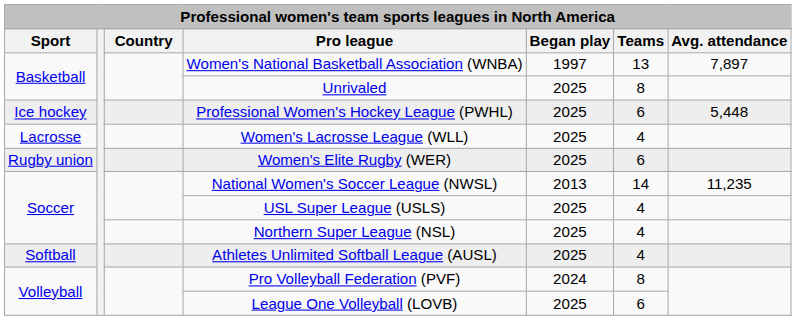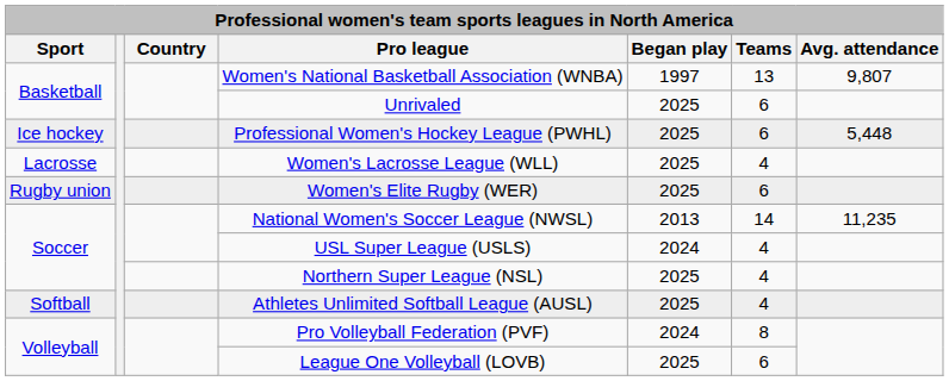 <table class="wikitable" style="text-align:left; font-size:90%;">
 <tr>
 <th colspan=8 style="background:silver;">Professional women's team sports leagues in North America</th>
 </tr>
 <tr align="center" style="font-weight:bold; background-color:#dddddd;" |>
 </tr>
 <tr align="center">
 <th>Sport</th>
 <th rowspan=12 width="1%" bgcolor="ffffff"></th>
 <th width=10%>Country</th>
 <th>Pro league</th>
 <th>Began play</th>
 <th>Teams</th>
 <th>Avg. attendance</th>
 </tr>
 <tr align=center>
 <td rowspan=2><a href='#'>Basketball</a></td>
 <td rowspan=2></td>
 <td><a href='#'>Women's National Basketball Association</a> (WNBA)</td>
 <td>1997</td>
 <td>13</td>
-<td>7,897</td>
+<td>9,807</td>
 </tr>
 <tr align=center>
 <td><a href='#'>Unrivaled</a></td>
 <td>2025</td>
-<td>8</td>
+<td>6</td>
 <td></td>
 </tr>
 <tr align="Center" bgcolor="#eeeeee">
 <td><a href='#'>Ice hockey</a><br></td>
 <td><br></td>
 <td><a href='#'>Professional Women's Hockey League</a> (PWHL)</td>
 <td>2025</td>
 <td>6</td>
 <td>5,448</td>
 </tr>
 <tr align="Center">
 <td><a href='#'>Lacrosse</a></td>
 <td></td>
 <td><a href='#'>Women's Lacrosse League</a> (WLL)</td>
 <td>2025</td>
 <td>4</td>
 <td></td>
 </tr>
 <tr align="Center" bgcolor="#eeeeee">
 <td><a href='#'>Rugby union</a></td>
 <td></td>
 <td><a href='#'>Women's Elite Rugby</a> (WER)</td>
 <td>2025</td>
 <td>6</td>
 <td></td>
 </tr>
 <tr align="Center">
 <td rowspan=3><a href='#'>Soccer</a></td>
 <td rowspan=2></td>
 <td><a href='#'>National Women's Soccer League</a> (NWSL)</td>
 <td>2013</td>
 <td>14</td>
 <td>11,235</td>
 </tr>
 <tr align=center>
 <td><a href='#'>USL Super League</a> (USLS)</td>
-<td>2025</td>
+<td>2024</td>
 <td>4</td>
 <td></td>
 </tr>
 <tr align=center>
 <td></td>
 <td><a href='#'>Northern Super League</a> (NSL)</td>
 <td>2025</td>
 <td>4</td>
 <td></td>
 </tr>
 <tr align="Center" bgcolor="#eeeeee">
 <td><a href='#'>Softball</a></td>
 <td></td>
 <td><a href='#'>Athletes Unlimited Softball League</a> (AUSL)</td>
 <td>2025</td>
 <td>4</td>
 <td></td>
 </tr>
 <tr align="Center">
 <td rowspan=2><a href='#'>Volleyball</a></td>
 <td rowspan=2></td>
 <td><a href='#'>Pro Volleyball Federation</a> (PVF)</td>
 <td>2024</td>
 <td>8</td>
 </tr>
 <tr align="Center">
 <td><a href='#'>League One Volleyball</a> (LOVB)</td>
 <td>2025</td>
 <td>6</td>
 </tr>
 </table>
